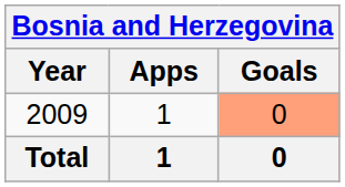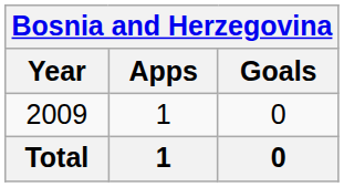 <table class="wikitable" style="text-align:center">
 <tr>
 <th colspan=3><a href='#'>Bosnia and Herzegovina</a></th>
 </tr>
 <tr>
 <th>Year</th>
 <th>Apps</th>
 <th>Goals</th>
 </tr>
 <tr>
 <td>2009</td>
 <td>1</td>
-<td style="background: lightsalmon;">0</td>
+<td>0</td>
 </tr>
 <tr>
 <th>Total</th>
 <th>1</th>
 <th>0</th>
 </tr>
 </table>
